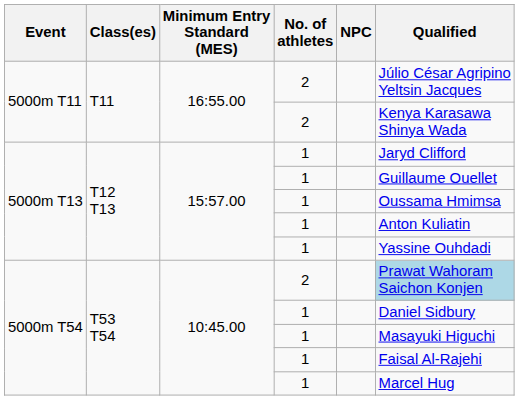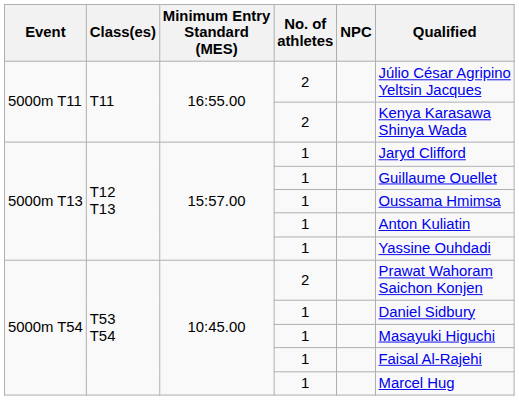 <table class="wikitable">
 <tr>
 <th>Event</th>
 <th>Class(es)</th>
 <th>Minimum Entry<br>Standard<br>(MES)</th>
 <th>No. of<br>athletes</th>
 <th>NPC</th>
 <th>Qualified</th>
 </tr>
 <tr>
 <td rowspan=2>5000m T11</td>
 <td rowspan=2>T11</td>
 <td rowspan=2 align=center>16:55.00</td>
 <td align=center>2</td>
 <td></td>
 <td><a href='#'>Júlio César Agripino</a><br><a href='#'>Yeltsin Jacques</a></td>
 </tr>
 <tr>
 <td align=center>2</td>
 <td></td>
 <td><a href='#'>Kenya Karasawa</a><br><a href='#'>Shinya Wada</a></td>
 </tr>
 <tr>
 <td rowspan=5>5000m T13</td>
 <td rowspan=5>T12<br>T13</td>
 <td rowspan=5 align=center>15:57.00</td>
 <td align=center>1</td>
 <td></td>
 <td><a href='#'>Jaryd Clifford</a></td>
 </tr>
 <tr>
 <td align=center>1</td>
 <td></td>
 <td><a href='#'>Guillaume Ouellet</a></td>
 </tr>
 <tr>
 <td align=center>1</td>
 <td></td>
 <td><a href='#'>Oussama Hmimsa</a></td>
 </tr>
 <tr>
 <td align=center>1</td>
 <td></td>
 <td><a href='#'>Anton Kuliatin</a></td>
 </tr>
 <tr>
 <td align=center>1</td>
 <td></td>
 <td><a href='#'>Yassine Ouhdadi</a></td>
 </tr>
 <tr>
 <td rowspan=5>5000m T54</td>
 <td rowspan=5>T53<br>T54</td>
 <td rowspan=5 align=center>10:45.00</td>
 <td align=center>2</td>
 <td></td>
-<td style="background: lightblue;"><a href='#'>Prawat Wahoram</a><br><a href='#'>Saichon Konjen</a></td>
+<td><a href='#'>Prawat Wahoram</a><br><a href='#'>Saichon Konjen</a></td>
 </tr>
 <tr>
 <td align=center>1</td>
 <td></td>
 <td><a href='#'>Daniel Sidbury</a></td>
 </tr>
 <tr>
 <td align=center>1</td>
 <td></td>
 <td><a href='#'>Masayuki Higuchi</a></td>
 </tr>
 <tr>
 <td align=center>1</td>
 <td></td>
 <td><a href='#'>Faisal Al-Rajehi</a></td>
 </tr>
 <tr>
 <td align=center>1</td>
 <td></td>
 <td><a href='#'>Marcel Hug</a></td>
 </tr>
 </table>
